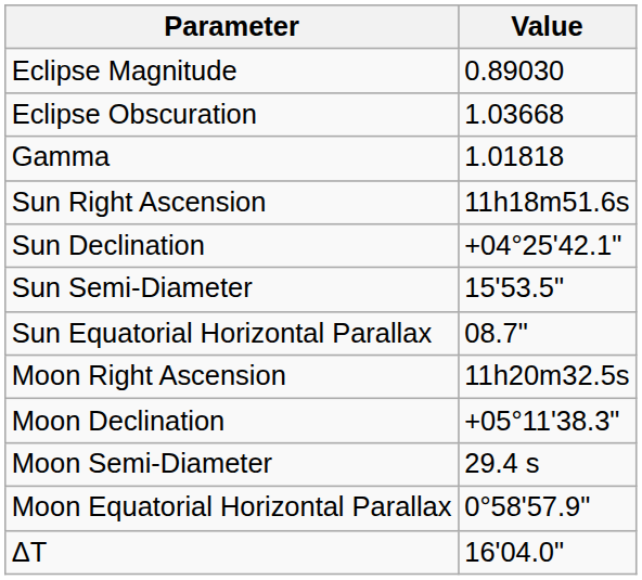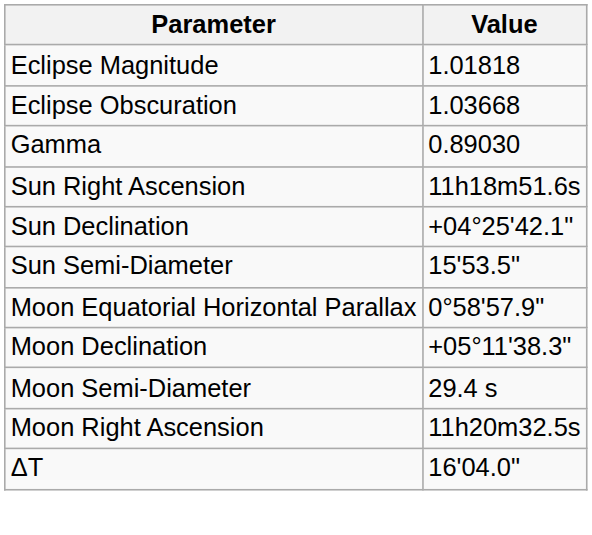 <table class="wikitable">
 <tr>
 <th>Parameter</th>
 <th>Value</th>
 </tr>
 <tr>
 <td>Eclipse Magnitude</td>
-<td>0.89030</td>
+<td>1.01818</td>
 </tr>
 <tr>
 <td>Eclipse Obscuration</td>
 <td>1.03668</td>
 </tr>
 <tr>
 <td>Gamma</td>
-<td>1.01818</td>
+<td>0.89030</td>
 </tr>
 <tr>
 <td>Sun Right Ascension</td>
 <td>11h18m51.6s</td>
 </tr>
 <tr>
 <td>Sun Declination</td>
 <td>+04°25'42.1"</td>
 </tr>
 <tr>
 <td>Sun Semi-Diameter</td>
 <td>15'53.5"</td>
 </tr>
 <tr>
-<td>Sun Equatorial Horizontal Parallax</td>
-<td>08.7"</td>
-</tr>
-<tr>
-<td>Moon Right Ascension</td>
-<td>11h20m32.5s</td>
+<td>Moon Equatorial Horizontal Parallax</td>
+<td>0°58'57.9"</td>
 </tr>
 <tr>
 <td>Moon Declination</td>
 <td>+05°11'38.3"</td>
 </tr>
 <tr>
 <td>Moon Semi-Diameter</td>
 <td>29.4 s</td>
 </tr>
 <tr>
-<td>Moon Equatorial Horizontal Parallax</td>
-<td>0°58'57.9"</td>
+<td>Moon Right Ascension</td>
+<td>11h20m32.5s</td>
 </tr>
 <tr>
 <td>ΔT</td>
 <td>16'04.0"</td>
 </tr>
 </table>
